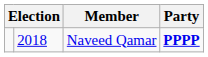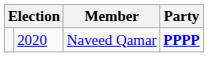 <table class="wikitable">
 <tr>
 <th colspan="2">Election</th>
 <th>Member</th>
 <th>Party</th>
 </tr>
 <tr>
 <td style="background-color: "></td>
-<td><a href='#'>2018</a></td>
+<td><a href='#'>2020</a></td>
 <td><a href='#'>Naveed Qamar</a></td>
 <td><strong><a href='#'>PPPP</a></strong></td>
 </tr>
 </table>
